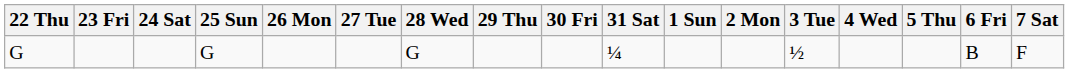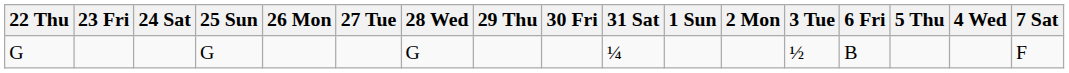 <table class="wikitable olympic-schedule football">
 <tr>
 <th>22 Thu</th>
 <th>23 Fri</th>
 <th>24 Sat</th>
 <th>25 Sun</th>
 <th>26 Mon</th>
 <th>27 Tue</th>
 <th>28 Wed</th>
 <th>29 Thu</th>
 <th>30 Fri</th>
 <th>31 Sat</th>
 <th>1 Sun</th>
 <th>2 Mon</th>
 <th>3 Tue</th>
+<th>6 Fri</th>
+<th>5 Thu</th>
 <th>4 Wed</th>
-<th>5 Thu</th>
-<th>6 Fri</th>
 <th>7 Sat</th>
 </tr>
 <tr>
 <td class="team-group">G</td>
 <td></td>
 <td></td>
 <td class="team-group">G</td>
 <td></td>
 <td></td>
 <td class="team-group">G</td>
 <td></td>
 <td></td>
 <td class="team-qf">¼</td>
 <td></td>
 <td></td>
 <td class="team-sf">½</td>
+<td class="team-bronze">B</td>
 <td></td>
 <td></td>
-<td class="team-bronze">B</td>
 <td class="team-final">F</td>
 </tr>
 </table>
